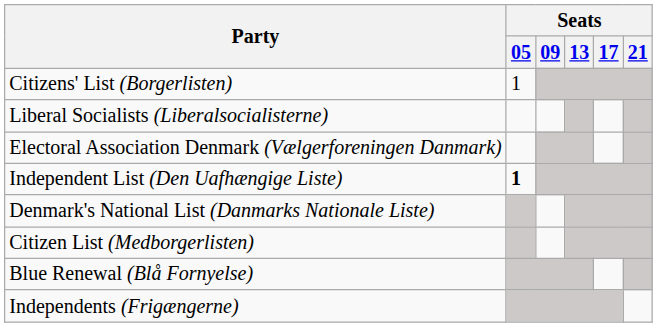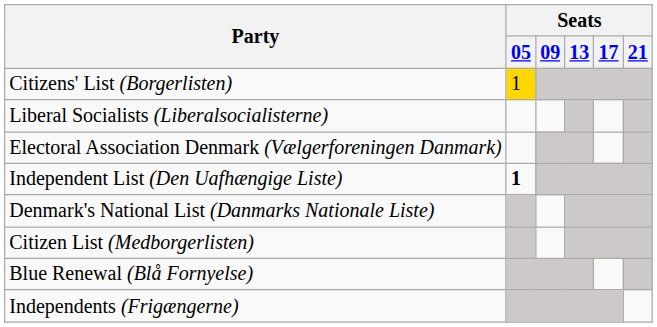 <table class="wikitable">
 <tr>
 <th rowspan=2>Party</th>
 <th colspan=11>Seats</th>
 </tr>
 <tr>
 <th><a href='#'>05</a></th>
 <th><a href='#'>09</a></th>
 <th><a href='#'>13</a></th>
 <th><a href='#'>17</a></th>
 <th><a href='#'>21</a></th>
 </tr>
 <tr>
 <td>Citizens' List <em>(Borgerlisten)</em></td>
-<td>1</td>
+<td style="background: gold;">1</td>
 <td style="background:#CDC9C9;" colspan=4></td>
 </tr>
 <tr>
 <td>Liberal Socialists <em>(Liberalsocialisterne)</em></td>
 <td></td>
 <td></td>
 <td style="background:#CDC9C9;"></td>
 <td></td>
 <td style="background:#CDC9C9;"></td>
 </tr>
 <tr>
 <td>Electoral Association Denmark <em>(Vælgerforeningen Danmark)</em></td>
 <td></td>
 <td style="background:#CDC9C9;" colspan=2></td>
 <td></td>
 <td style="background:#CDC9C9;"></td>
 </tr>
 <tr>
 <td>Independent List <em>(Den Uafhængige Liste)</em></td>
 <td><strong>1</strong></td>
 <td style="background:#CDC9C9;" colspan=4></td>
 </tr>
 <tr>
 <td>Denmark's National List <em>(Danmarks Nationale Liste)</em></td>
 <td style="background:#CDC9C9;"></td>
 <td></td>
 <td style="background:#CDC9C9;" colspan=3></td>
 </tr>
 <tr>
 <td>Citizen List <em>(Medborgerlisten)</em></td>
 <td style="background:#CDC9C9;"></td>
 <td></td>
 <td style="background:#CDC9C9;" colspan=3></td>
 </tr>
 <tr>
 <td>Blue Renewal <em>(Blå Fornyelse)</em></td>
 <td style="background:#CDC9C9;" colspan=3></td>
 <td></td>
 <td style="background:#CDC9C9;"></td>
 </tr>
 <tr>
 <td>Independents <em>(Frigængerne)</em></td>
 <td style="background:#CDC9C9;" colspan=4></td>
 <td></td>
 </tr>
 </table>
